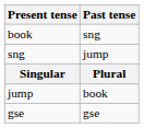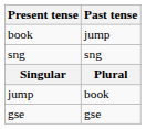 <table class="wikitable">
 <tr>
 <th>Present tense</th>
 <th>Past tense</th>
 </tr>
 <tr>
 <td>book</td>
-<td>sng</td>
+<td>jump</td>
 </tr>
 <tr>
 <td>sng</td>
-<td>jump</td>
+<td>sng</td>
 </tr>
 <tr>
 <th>Singular</th>
 <th>Plural</th>
 </tr>
 <tr>
 <td>jump</td>
 <td>book</td>
 </tr>
 <tr>
 <td>gse</td>
 <td>gse</td>
 </tr>
 </table>
